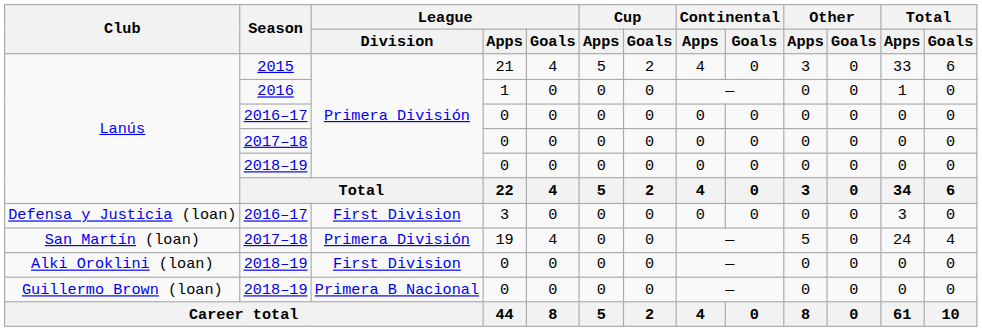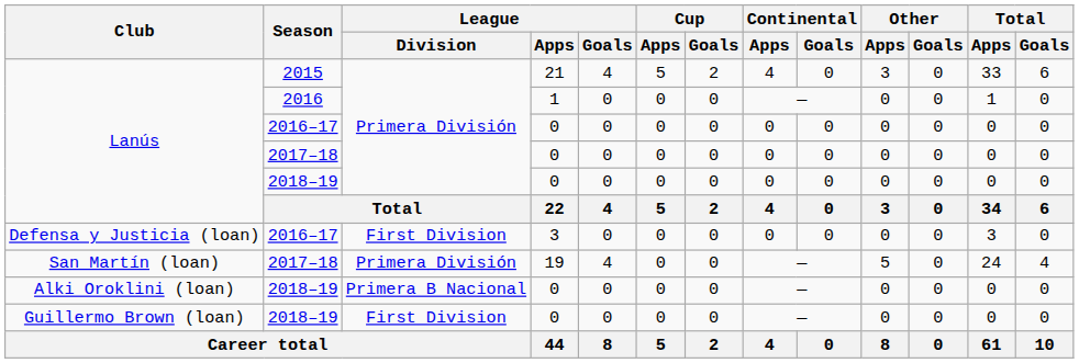 <table class="wikitable" style="text-align:center">
 <tr>
 <th rowspan="2">Club</th>
 <th rowspan="2">Season</th>
 <th colspan="3">League</th>
 <th colspan="2">Cup</th>
 <th colspan="2">Continental</th>
 <th colspan="2">Other</th>
 <th colspan="2">Total</th>
 </tr>
 <tr>
 <th>Division</th>
 <th>Apps</th>
 <th>Goals</th>
 <th>Apps</th>
 <th>Goals</th>
 <th>Apps</th>
 <th>Goals</th>
 <th>Apps</th>
 <th>Goals</th>
 <th>Apps</th>
 <th>Goals</th>
 </tr>
 <tr>
 <td rowspan="6"><a href='#'>Lanús</a></td>
 <td><a href='#'>2015</a></td>
 <td rowspan="5"><a href='#'>Primera División</a></td>
 <td>21</td>
 <td>4</td>
 <td>5</td>
 <td>2</td>
 <td>4</td>
 <td>0</td>
 <td>3</td>
 <td>0</td>
 <td>33</td>
 <td>6</td>
 </tr>
 <tr>
 <td><a href='#'>2016</a></td>
 <td>1</td>
 <td>0</td>
 <td>0</td>
 <td>0</td>
 <td colspan="2">—</td>
 <td>0</td>
 <td>0</td>
 <td>1</td>
 <td>0</td>
 </tr>
 <tr>
 <td><a href='#'>2016–17</a></td>
 <td>0</td>
 <td>0</td>
 <td>0</td>
 <td>0</td>
 <td>0</td>
 <td>0</td>
 <td>0</td>
 <td>0</td>
 <td>0</td>
 <td>0</td>
 </tr>
 <tr>
 <td><a href='#'>2017–18</a></td>
 <td>0</td>
 <td>0</td>
 <td>0</td>
 <td>0</td>
 <td>0</td>
 <td>0</td>
 <td>0</td>
 <td>0</td>
 <td>0</td>
 <td>0</td>
 </tr>
 <tr>
 <td><a href='#'>2018–19</a></td>
 <td>0</td>
 <td>0</td>
 <td>0</td>
 <td>0</td>
 <td>0</td>
 <td>0</td>
 <td>0</td>
 <td>0</td>
 <td>0</td>
 <td>0</td>
 </tr>
 <tr>
 <th colspan="2">Total</th>
 <th>22</th>
 <th>4</th>
 <th>5</th>
 <th>2</th>
 <th>4</th>
 <th>0</th>
 <th>3</th>
 <th>0</th>
 <th>34</th>
 <th>6</th>
 </tr>
 <tr>
 <td rowspan="1"><a href='#'>Defensa y Justicia</a> (loan)</td>
 <td><a href='#'>2016–17</a></td>
 <td rowspan="1"><a href='#'>First Division</a></td>
 <td>3</td>
 <td>0</td>
 <td>0</td>
 <td>0</td>
 <td>0</td>
 <td>0</td>
 <td>0</td>
 <td>0</td>
 <td>3</td>
 <td>0</td>
 </tr>
 <tr>
 <td rowspan="1"><a href='#'>San Martín</a> (loan)</td>
 <td><a href='#'>2017–18</a></td>
 <td rowspan="1"><a href='#'>Primera División</a></td>
 <td>19</td>
 <td>4</td>
 <td>0</td>
 <td>0</td>
 <td colspan="2">—</td>
 <td>5</td>
 <td>0</td>
 <td>24</td>
 <td>4</td>
 </tr>
 <tr>
 <td rowspan="1"><a href='#'>Alki Oroklini</a> (loan)</td>
 <td><a href='#'>2018–19</a></td>
-<td rowspan="1"><a href='#'>First Division</a></td>
+<td rowspan="1"><a href='#'>Primera B Nacional</a></td>
 <td>0</td>
 <td>0</td>
 <td>0</td>
 <td>0</td>
 <td colspan="2">—</td>
 <td>0</td>
 <td>0</td>
 <td>0</td>
 <td>0</td>
 </tr>
 <tr>
 <td rowspan="1"><a href='#'>Guillermo Brown</a> (loan)</td>
 <td><a href='#'>2018–19</a></td>
-<td rowspan="1"><a href='#'>Primera B Nacional</a></td>
+<td rowspan="1"><a href='#'>First Division</a></td>
 <td>0</td>
 <td>0</td>
 <td>0</td>
 <td>0</td>
 <td colspan="2">—</td>
 <td>0</td>
 <td>0</td>
 <td>0</td>
 <td>0</td>
 </tr>
 <tr>
 <th colspan="3">Career total</th>
 <th>44</th>
 <th>8</th>
 <th>5</th>
 <th>2</th>
 <th>4</th>
 <th>0</th>
 <th>8</th>
 <th>0</th>
 <th>61</th>
 <th>10</th>
 </tr>
 </table>
